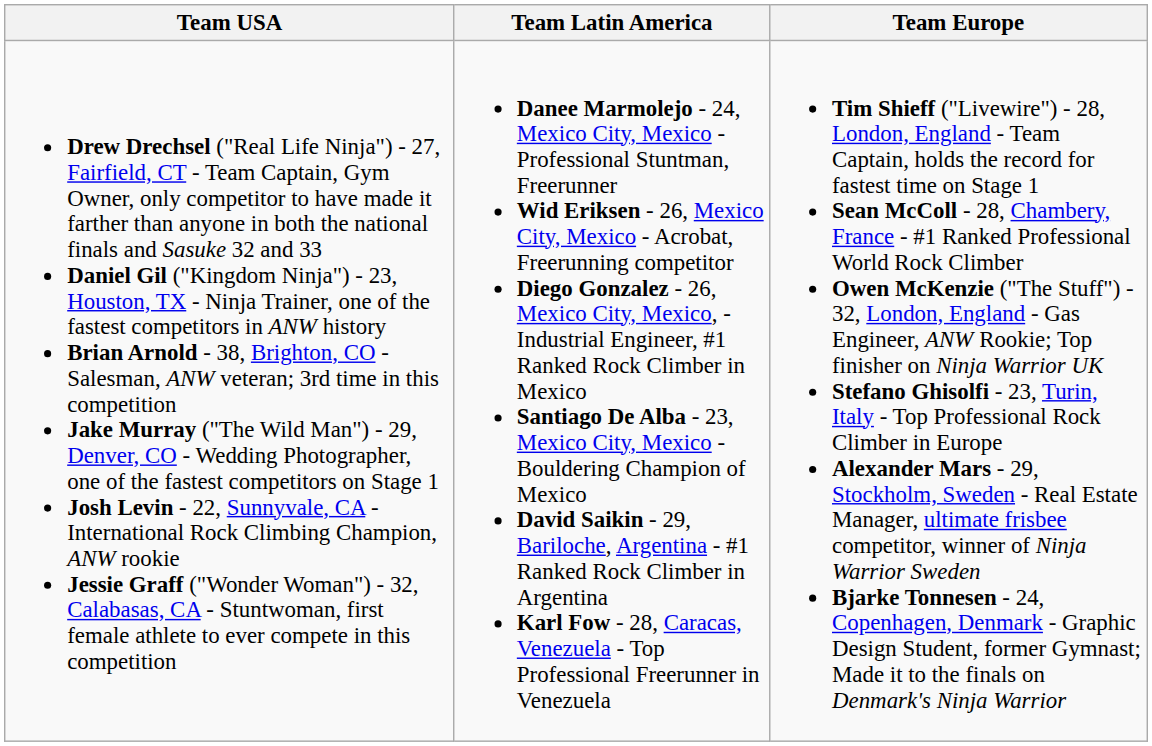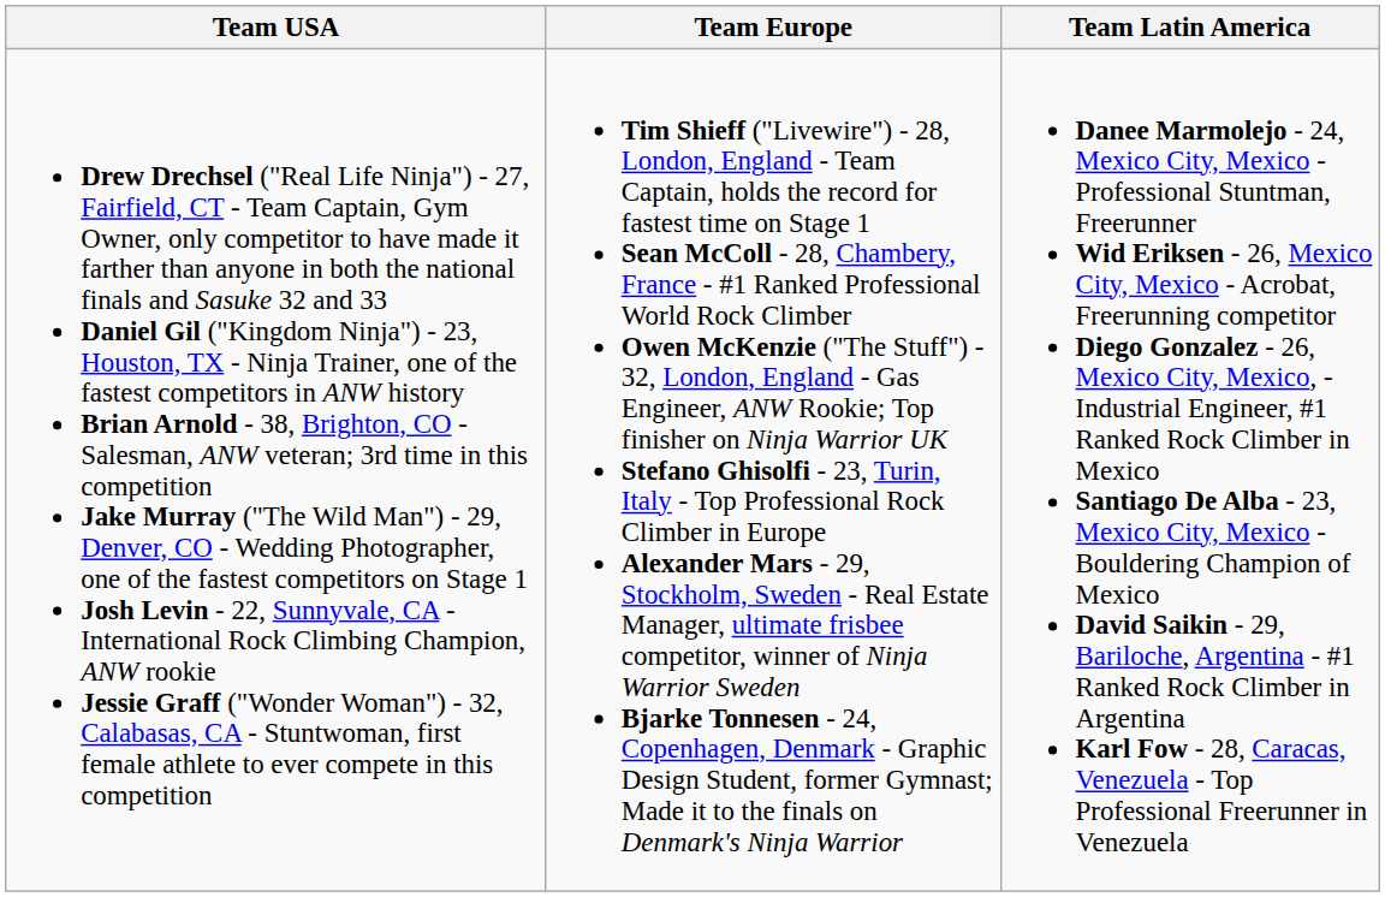 <table class="wikitable" style="width:800px">
 <tr>
 <th>Team USA </th>
+<th>Team Europe </th>
 <th>Team Latin America </th>
-<th>Team Europe </th>
 </tr>
 <tr>
 <td><br><ul><li><strong>Drew Drechsel</strong> ("Real Life Ninja") - 27, <a href='#'>Fairfield, CT</a> - Team Captain, Gym Owner, only competitor to have made it farther than anyone in both the national finals and <em>Sasuke</em> 32 and 33</li><li><strong>Daniel Gil</strong> ("Kingdom Ninja") - 23, <a href='#'>Houston, TX</a> - Ninja Trainer, one of the fastest competitors in <em>ANW</em> history</li><li><strong>Brian Arnold</strong> - 38, <a href='#'>Brighton, CO</a> - Salesman, <em>ANW</em> veteran; 3rd time in this competition</li><li><strong>Jake Murray</strong> ("The Wild Man") - 29, <a href='#'>Denver, CO</a> - Wedding Photographer, one of the fastest competitors on Stage 1</li><li><strong>Josh Levin</strong> - 22, <a href='#'>Sunnyvale, CA</a> - International Rock Climbing Champion, <em>ANW</em> rookie</li><li><strong>Jessie Graff</strong> ("Wonder Woman") - 32, <a href='#'>Calabasas, CA</a> - Stuntwoman, first female athlete to ever compete in this competition</li></ul></td>
+<td><br><ul><li><strong>Tim Shieff</strong> ("Livewire") - 28, <a href='#'>London, England</a> - Team Captain, holds the record for fastest time on Stage 1</li><li><strong>Sean McColl</strong> - 28, <a href='#'>Chambery, France</a> - #1 Ranked Professional World Rock Climber</li><li><strong>Owen McKenzie</strong> ("The Stuff") - 32, <a href='#'>London, England</a> - Gas Engineer, <em>ANW</em> Rookie; Top finisher on <em>Ninja Warrior UK</em></li><li><strong>Stefano Ghisolfi</strong> - 23, <a href='#'>Turin, Italy</a> - Top Professional Rock Climber in Europe</li><li><strong>Alexander Mars</strong> - 29, <a href='#'>Stockholm, Sweden</a> - Real Estate Manager, <a href='#'>ultimate frisbee</a> competitor, winner of <em>Ninja Warrior Sweden</em></li><li><strong>Bjarke Tonnesen</strong> - 24, <a href='#'>Copenhagen, Denmark</a> - Graphic Design Student, former Gymnast; Made it to the finals on <em>Denmark's Ninja Warrior</em></li></ul></td>
 <td><br><ul><li><strong>Danee Marmolejo</strong> - 24, <a href='#'>Mexico City, Mexico</a> - Professional Stuntman, Freerunner</li><li><strong>Wid Eriksen</strong> - 26, <a href='#'>Mexico City, Mexico</a> - Acrobat, Freerunning competitor</li><li><strong>Diego Gonzalez</strong> - 26, <a href='#'>Mexico City, Mexico</a>, - Industrial Engineer, #1 Ranked Rock Climber in Mexico</li><li><strong>Santiago De Alba</strong> - 23, <a href='#'>Mexico City, Mexico</a> - Bouldering Champion of Mexico</li><li><strong>David Saikin</strong> - 29, <a href='#'>Bariloche</a>, <a href='#'>Argentina</a> - #1 Ranked Rock Climber in Argentina</li><li><strong>Karl Fow</strong> - 28, <a href='#'>Caracas, Venezuela</a> - Top Professional Freerunner in Venezuela</li></ul></td>
-<td><br><ul><li><strong>Tim Shieff</strong> ("Livewire") - 28, <a href='#'>London, England</a> - Team Captain, holds the record for fastest time on Stage 1</li><li><strong>Sean McColl</strong> - 28, <a href='#'>Chambery, France</a> - #1 Ranked Professional World Rock Climber</li><li><strong>Owen McKenzie</strong> ("The Stuff") - 32, <a href='#'>London, England</a> - Gas Engineer, <em>ANW</em> Rookie; Top finisher on <em>Ninja Warrior UK</em></li><li><strong>Stefano Ghisolfi</strong> - 23, <a href='#'>Turin, Italy</a> - Top Professional Rock Climber in Europe</li><li><strong>Alexander Mars</strong> - 29, <a href='#'>Stockholm, Sweden</a> - Real Estate Manager, <a href='#'>ultimate frisbee</a> competitor, winner of <em>Ninja Warrior Sweden</em></li><li><strong>Bjarke Tonnesen</strong> - 24, <a href='#'>Copenhagen, Denmark</a> - Graphic Design Student, former Gymnast; Made it to the finals on <em>Denmark's Ninja Warrior</em></li></ul></td>
 </tr>
 </table>
